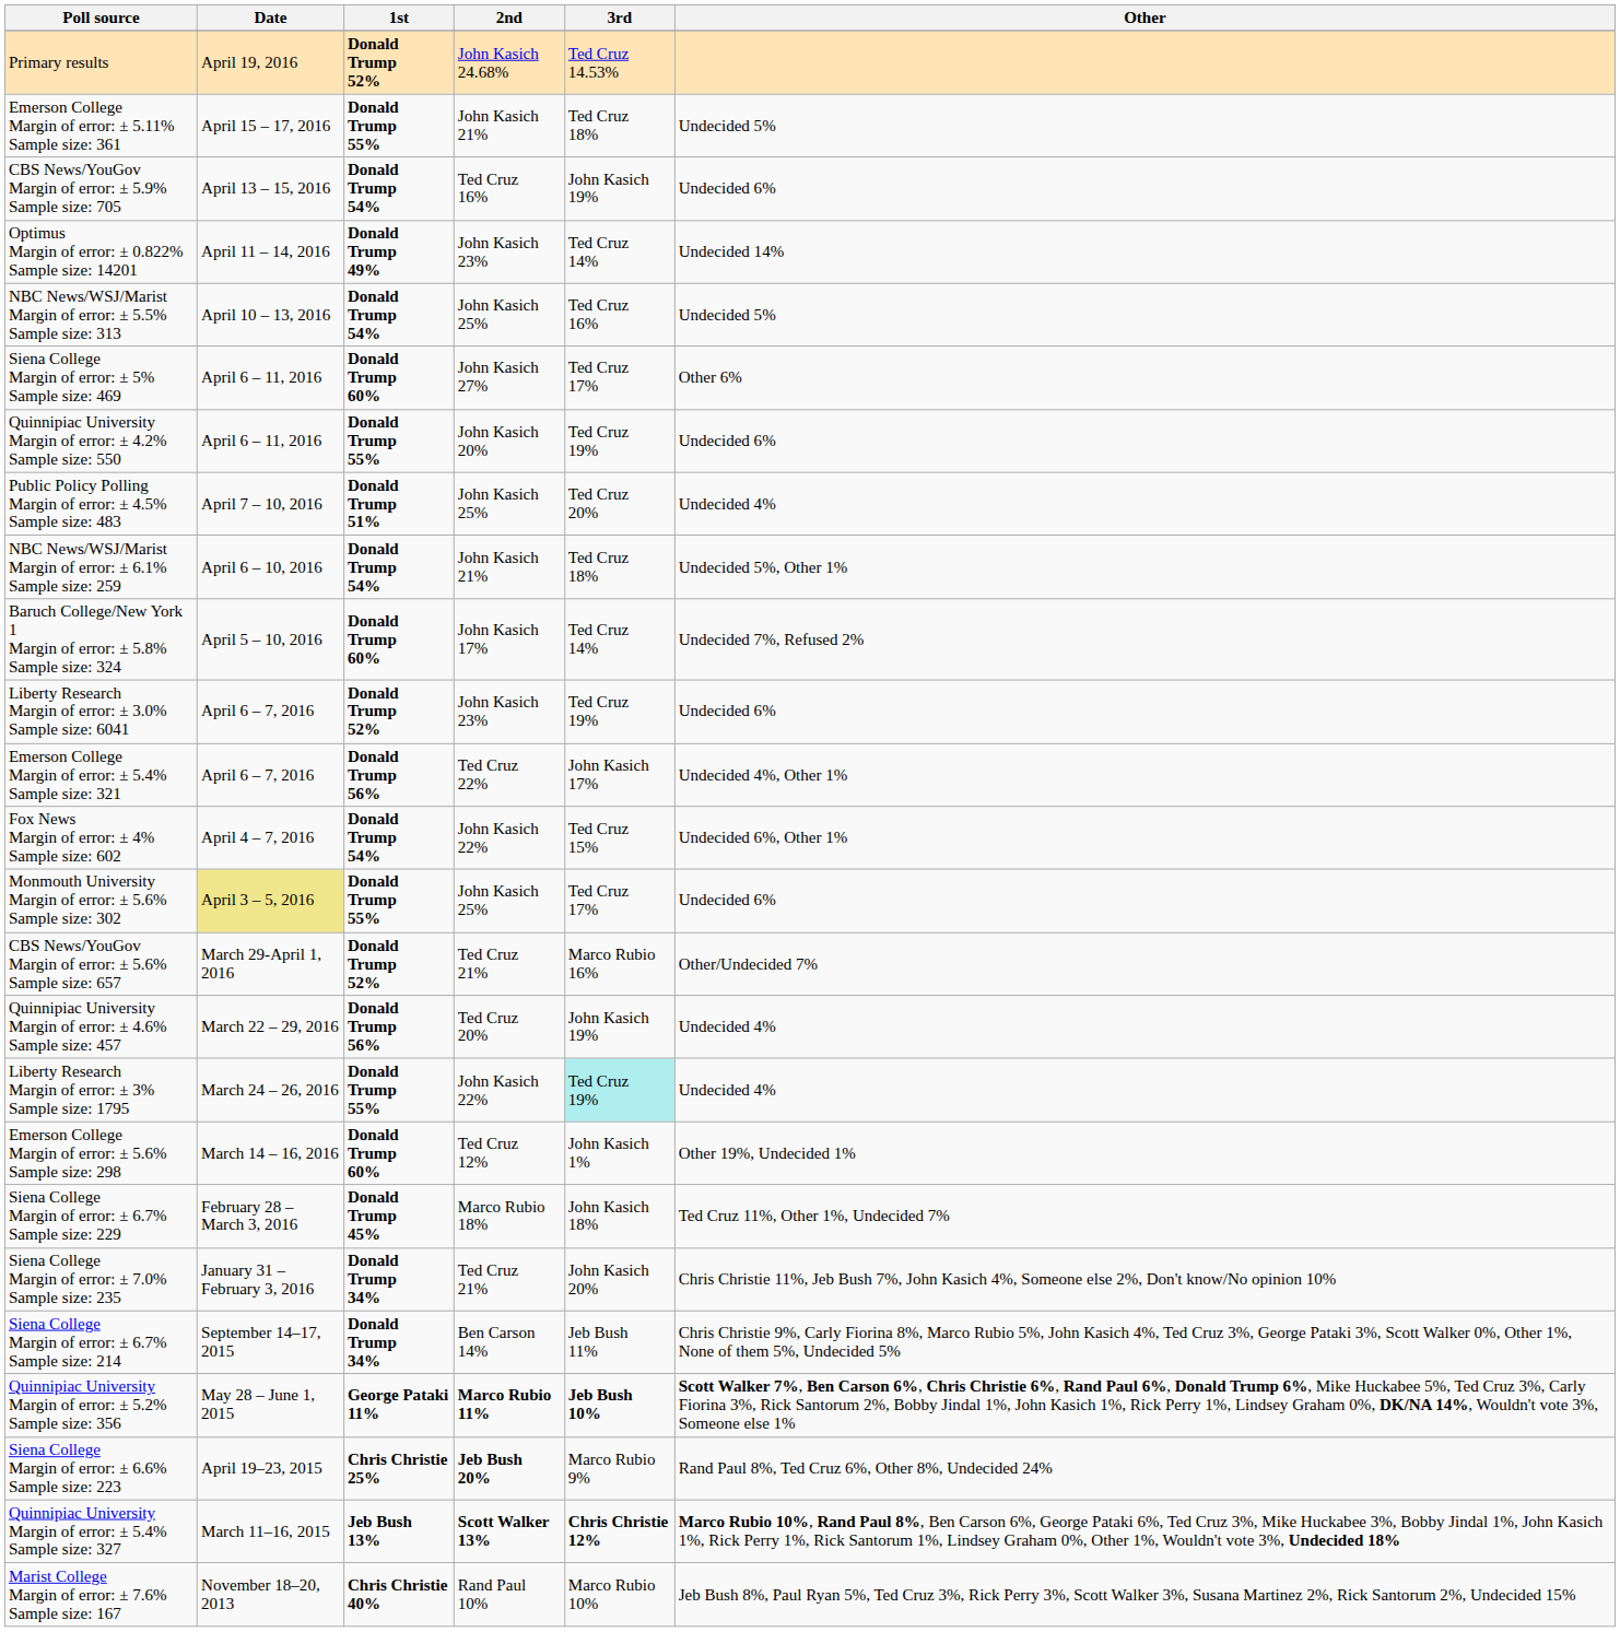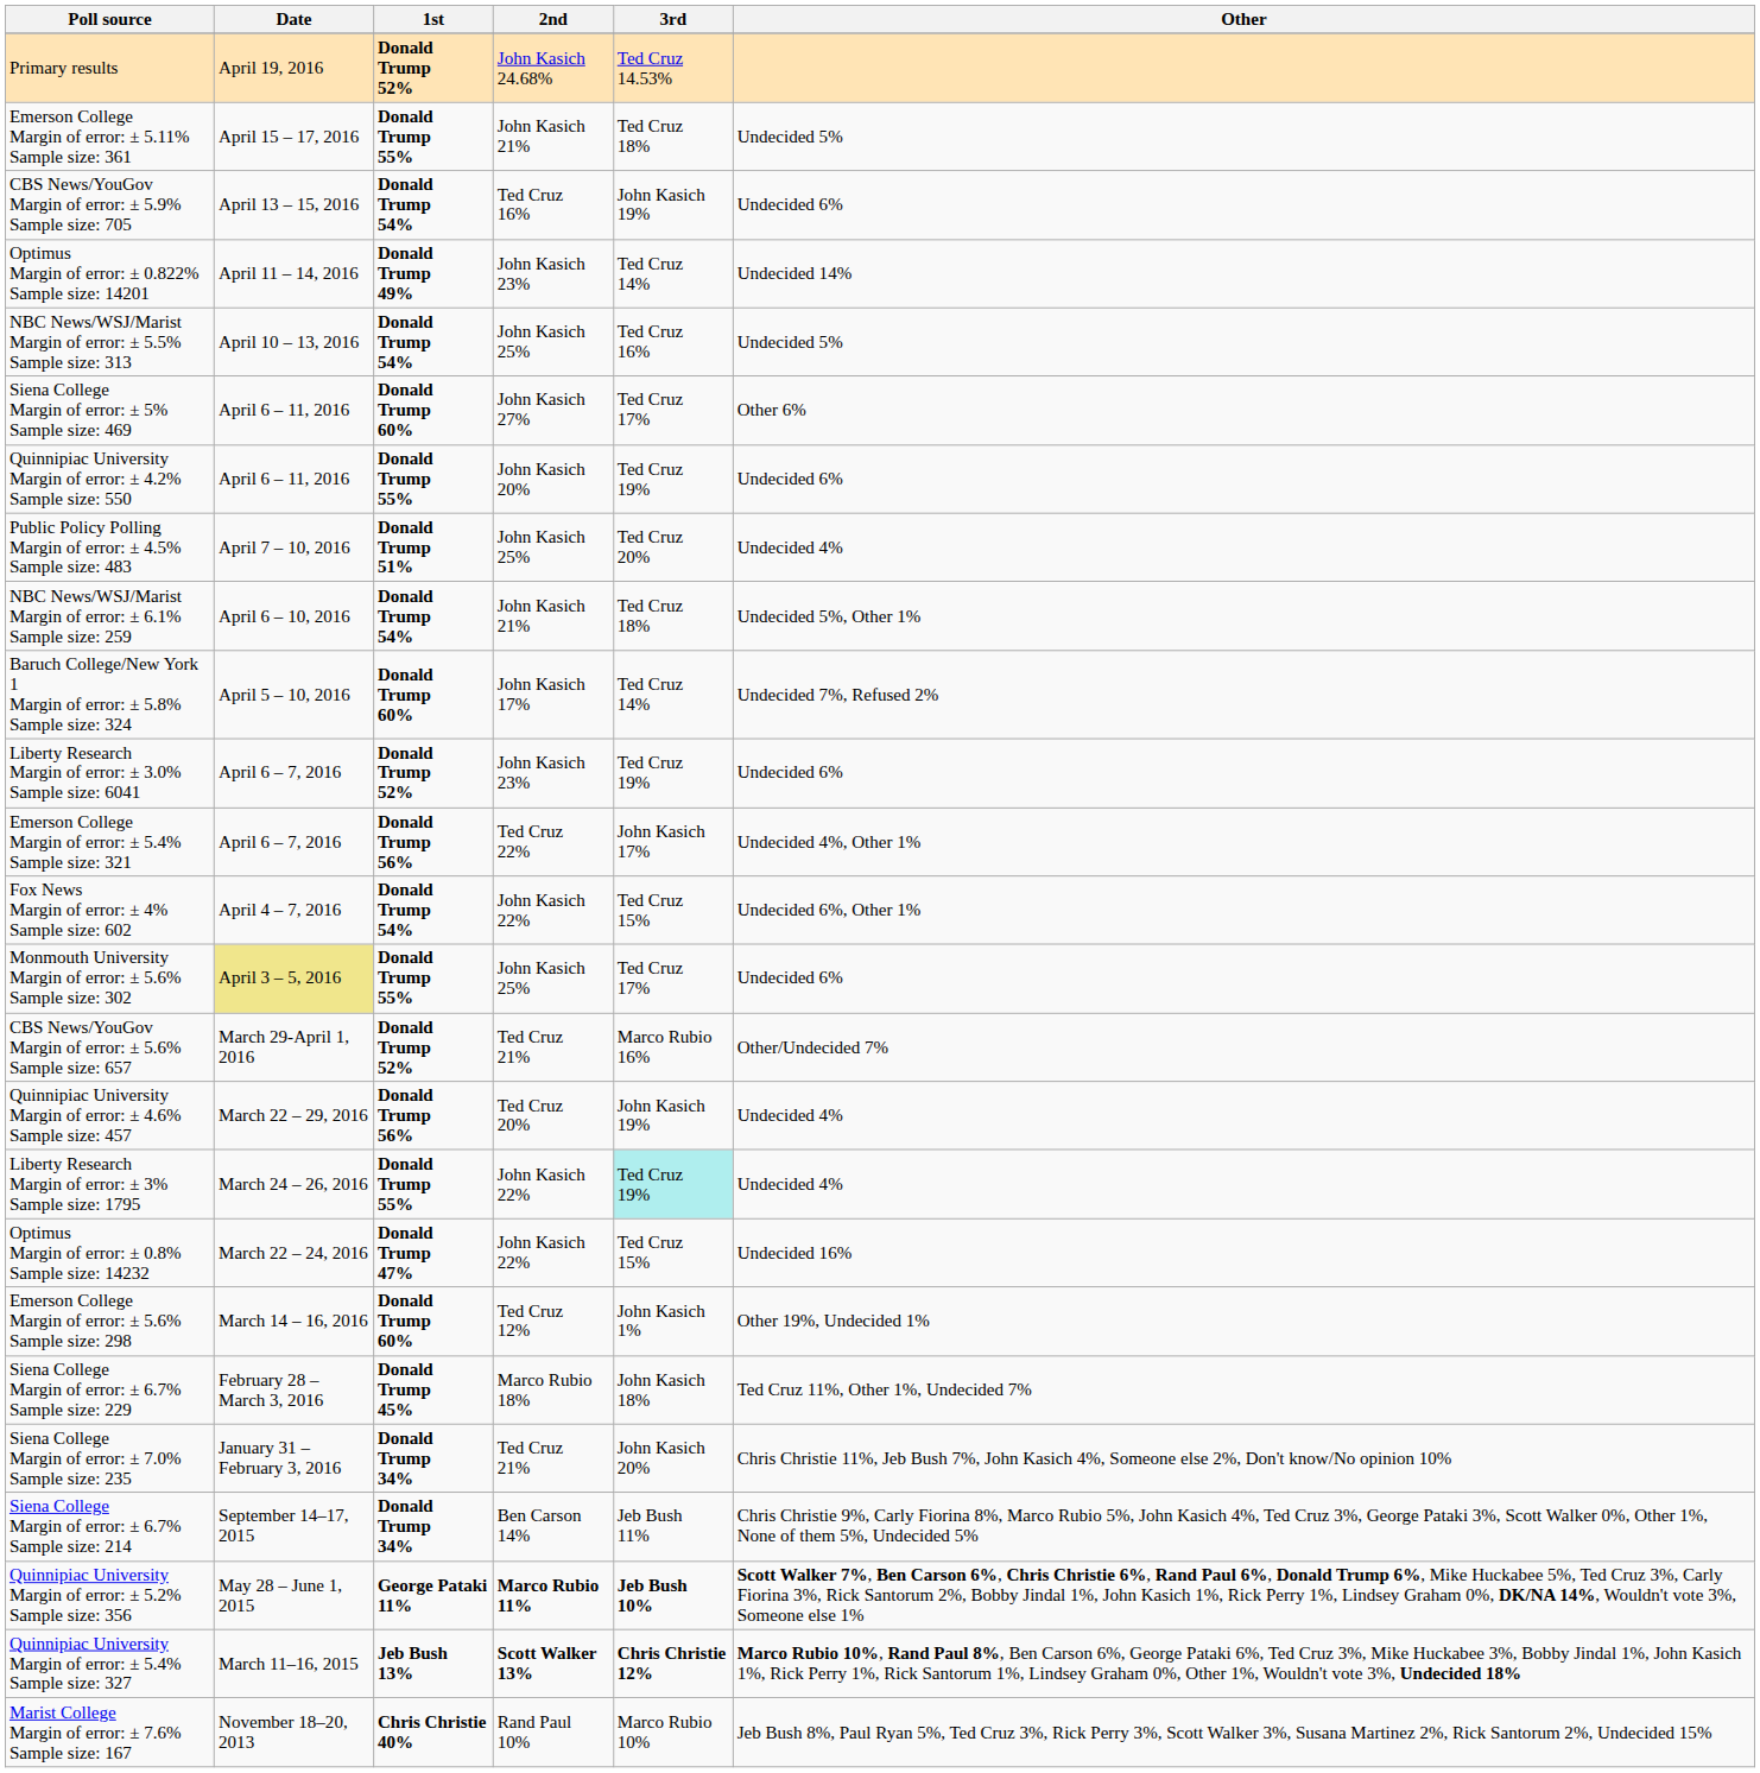 <table class="wikitable">
 <tr>
 <th style="width:180px;">Poll source</th>
 <th style="width:135px;">Date</th>
 <th style="width:100px;">1st</th>
 <th style="width:100px;">2nd</th>
 <th style="width:100px;">3rd</th>
 <th>Other</th>
 </tr>
 <tr>
 </tr>
 <tr style="background:Moccasin;">
 <td>Primary results</td>
 <td>April 19, 2016</td>
 <td><strong>Donald Trump<br>52%</strong></td>
 <td><a href='#'>John Kasich</a><br>24.68%</td>
 <td><a href='#'>Ted Cruz</a><br>14.53%</td>
 <td></td>
 </tr>
 <tr>
 <td>Emerson College<br>Margin of error: ± 5.11% <br>Sample size: 361</td>
 <td>April 15 – 17, 2016</td>
 <td><strong>Donald Trump<br>55%</strong></td>
 <td>John Kasich<br>21%</td>
 <td>Ted Cruz<br>18%</td>
 <td>Undecided 5%</td>
 </tr>
 <tr>
 <td>CBS News/YouGov<br>Margin of error: ± 5.9% <br>Sample size: 705</td>
 <td>April 13 – 15, 2016</td>
 <td><strong>Donald Trump<br>54%</strong></td>
 <td>Ted Cruz<br>16%</td>
 <td>John Kasich<br>19%</td>
 <td>Undecided 6%</td>
 </tr>
 <tr>
 <td>Optimus<br>Margin of error: ± 0.822% <br>Sample size: 14201</td>
 <td>April 11 – 14, 2016</td>
 <td><strong>Donald Trump<br>49%</strong></td>
 <td>John Kasich<br>23%</td>
 <td>Ted Cruz<br>14%</td>
 <td>Undecided 14%</td>
 </tr>
 <tr>
 <td>NBC News/WSJ/Marist<br>Margin of error: ± 5.5% <br>Sample size: 313</td>
 <td>April 10 – 13, 2016</td>
 <td><strong>Donald Trump<br>54%</strong></td>
 <td>John Kasich<br>25%</td>
 <td>Ted Cruz<br>16%</td>
 <td>Undecided 5%</td>
 </tr>
 <tr>
 <td>Siena College<br>Margin of error: ± 5% <br>Sample size: 469</td>
 <td>April 6 – 11, 2016</td>
 <td><strong>Donald Trump<br>60%</strong></td>
 <td>John Kasich<br>27%</td>
 <td>Ted Cruz<br>17%</td>
 <td>Other 6%</td>
 </tr>
 <tr>
 <td>Quinnipiac University<br>Margin of error: ± 4.2% <br>Sample size: 550</td>
 <td>April 6 – 11, 2016</td>
 <td><strong>Donald Trump<br>55%</strong></td>
 <td>John Kasich<br>20%</td>
 <td>Ted Cruz<br>19%</td>
 <td>Undecided 6%</td>
 </tr>
 <tr>
 <td>Public Policy Polling<br>Margin of error: ± 4.5% <br>Sample size: 483</td>
 <td>April 7 – 10, 2016</td>
 <td><strong>Donald Trump<br>51%</strong></td>
 <td>John Kasich<br>25%</td>
 <td>Ted Cruz<br>20%</td>
 <td>Undecided 4%</td>
 </tr>
 <tr>
 <td>NBC News/WSJ/Marist<br>Margin of error: ± 6.1% <br>Sample size: 259</td>
 <td>April 6 – 10, 2016</td>
 <td><strong>Donald Trump<br>54%</strong></td>
 <td>John Kasich<br>21%</td>
 <td>Ted Cruz<br>18%</td>
 <td>Undecided 5%, Other 1%</td>
 </tr>
 <tr>
 <td>Baruch College/New York 1<br>Margin of error: ± 5.8% <br>Sample size: 324</td>
 <td>April 5 – 10, 2016</td>
 <td><strong>Donald Trump<br>60%</strong></td>
 <td>John Kasich<br>17%</td>
 <td>Ted Cruz<br>14%</td>
 <td>Undecided 7%, Refused 2%</td>
 </tr>
 <tr>
 <td>Liberty Research<br>Margin of error: ± 3.0% <br>Sample size: 6041</td>
 <td>April 6 – 7, 2016</td>
 <td><strong>Donald Trump<br>52%</strong></td>
 <td>John Kasich<br>23%</td>
 <td>Ted Cruz<br>19%</td>
 <td>Undecided 6%</td>
 </tr>
 <tr>
 <td>Emerson College<br>Margin of error: ± 5.4% <br>Sample size: 321</td>
 <td>April 6 – 7, 2016</td>
 <td><strong>Donald Trump<br>56%</strong></td>
 <td>Ted Cruz<br>22%</td>
 <td>John Kasich<br>17%</td>
 <td>Undecided 4%, Other 1%</td>
 </tr>
 <tr>
 <td>Fox News<br>Margin of error: ± 4% <br>Sample size: 602</td>
 <td>April 4 – 7, 2016</td>
 <td><strong>Donald Trump<br>54%</strong></td>
 <td>John Kasich<br>22%</td>
 <td>Ted Cruz<br>15%</td>
 <td>Undecided 6%, Other 1%</td>
 </tr>
 <tr>
 <td>Monmouth University<br>Margin of error: ± 5.6% <br>Sample size: 302</td>
 <td style="background: khaki;">April 3 – 5, 2016</td>
 <td><strong>Donald Trump<br>55%</strong></td>
 <td>John Kasich<br>25%</td>
 <td>Ted Cruz<br>17%</td>
 <td>Undecided 6%</td>
 </tr>
 <tr>
 <td>CBS News/YouGov<br>Margin of error: ± 5.6% <br>Sample size: 657</td>
 <td>March 29-April 1, 2016</td>
 <td><strong>Donald Trump<br>52%</strong></td>
 <td>Ted Cruz<br>21%</td>
 <td>Marco Rubio<br>16%</td>
 <td>Other/Undecided 7%</td>
 </tr>
 <tr>
 <td>Quinnipiac University<br>Margin of error: ± 4.6% <br>Sample size: 457</td>
 <td>March 22 – 29, 2016</td>
 <td><strong>Donald Trump<br>56%</strong></td>
 <td>Ted Cruz<br>20%</td>
 <td>John Kasich<br>19%</td>
 <td>Undecided 4%</td>
 </tr>
 <tr>
 <td>Liberty Research<br>Margin of error: ± 3% <br>Sample size: 1795</td>
 <td>March 24 – 26, 2016</td>
 <td><strong>Donald Trump<br>55%</strong></td>
 <td>John Kasich<br>22%</td>
 <td style="background: paleturquoise;">Ted Cruz<br>19%</td>
 <td>Undecided 4%</td>
 </tr>
 <tr>
+<td>Optimus<br>Margin of error: ± 0.8% <br>Sample size: 14232</td>
+<td>March 22 – 24, 2016</td>
+<td><strong>Donald Trump<br>47%</strong></td>
+<td>John Kasich<br>22%</td>
+<td>Ted Cruz<br>15%</td>
+<td>Undecided 16%</td>
+</tr>
+<tr>
 <td>Emerson College<br>Margin of error: ± 5.6% <br>Sample size: 298</td>
 <td>March 14 – 16, 2016</td>
 <td><strong>Donald Trump<br>60%</strong></td>
 <td>Ted Cruz<br>12%</td>
 <td>John Kasich<br>1%</td>
 <td>Other 19%, Undecided 1%</td>
 </tr>
 <tr>
 <td>Siena College<br>Margin of error: ± 6.7% <br>Sample size: 229</td>
 <td>February 28 – March 3, 2016</td>
 <td><strong>Donald Trump<br>45%</strong></td>
 <td>Marco Rubio<br>18%</td>
 <td>John Kasich<br>18%</td>
 <td>Ted Cruz 11%, Other 1%, Undecided 7%</td>
 </tr>
 <tr>
 <td>Siena College<br>Margin of error: ± 7.0% <br>Sample size: 235</td>
 <td>January 31 – February 3, 2016</td>
 <td><strong>Donald Trump<br>34%</strong></td>
 <td>Ted Cruz<br>21%</td>
 <td>John Kasich<br>20%</td>
 <td>Chris Christie 11%, Jeb Bush 7%, John Kasich 4%, Someone else 2%, Don't know/No opinion 10%</td>
 </tr>
 <tr>
 <td><a href='#'>Siena College</a><br>Margin of error: ± 6.7% <br>Sample size: 214</td>
 <td>September 14–17, 2015</td>
 <td><strong>Donald Trump<br>34%</strong></td>
 <td>Ben Carson<br>14%</td>
 <td>Jeb Bush<br>11%</td>
 <td>Chris Christie 9%, Carly Fiorina 8%, Marco Rubio 5%, John Kasich 4%, Ted Cruz 3%, George Pataki 3%, Scott Walker 0%, Other 1%, None of them 5%, Undecided 5%</td>
 </tr>
 <tr>
 <td><a href='#'>Quinnipiac University</a><br>Margin of error: ± 5.2% <br>Sample size: 356</td>
 <td>May 28 – June 1, 2015</td>
 <td><strong>George Pataki<br>11%</strong></td>
 <td><strong>Marco Rubio<br>11%</strong></td>
 <td><strong>Jeb Bush<br>10%</strong></td>
 <td><span><strong>Scott Walker 7%</strong></span>, <span><strong>Ben Carson 6%</strong></span>, <span><strong>Chris Christie 6%</strong></span>, <span><strong>Rand Paul 6%</strong></span>, <span><strong>Donald Trump 6%</strong></span>, Mike Huckabee 5%, Ted Cruz 3%, Carly Fiorina 3%, Rick Santorum 2%, Bobby Jindal 1%, John Kasich 1%, Rick Perry 1%, Lindsey Graham 0%, <span><strong>DK/NA 14%</strong></span>, Wouldn't vote 3%, Someone else 1%</td>
 </tr>
 <tr>
-<td><a href='#'>Siena College</a><br>Margin of error: ± 6.6% <br>Sample size: 223</td>
-<td>April 19–23, 2015</td>
-<td><strong>Chris Christie<br>25%</strong></td>
-<td><strong>Jeb Bush<br>20%</strong></td>
-<td>Marco Rubio<br>9%</td>
-<td>Rand Paul 8%, Ted Cruz 6%, Other 8%, Undecided 24%</td>
-</tr>
-<tr>
 <td><a href='#'>Quinnipiac University</a><br>Margin of error: ± 5.4% <br>Sample size: 327</td>
 <td>March 11–16, 2015</td>
 <td><strong>Jeb Bush<br>13%</strong></td>
 <td><strong>Scott Walker<br>13%</strong></td>
 <td><strong>Chris Christie<br>12%</strong></td>
 <td><span><strong>Marco Rubio 10%</strong></span>, <span><strong>Rand Paul 8%</strong></span>, Ben Carson 6%, George Pataki 6%, Ted Cruz 3%, Mike Huckabee 3%, Bobby Jindal 1%, John Kasich 1%, Rick Perry 1%, Rick Santorum 1%, Lindsey Graham 0%, Other 1%, Wouldn't vote 3%, <span><strong>Undecided 18%</strong></span></td>
 </tr>
 <tr>
 <td><a href='#'>Marist College</a><br>Margin of error: ± 7.6% <br>Sample size: 167</td>
 <td>November 18–20, 2013</td>
 <td><strong>Chris Christie<br>40%</strong></td>
 <td>Rand Paul<br>10%</td>
 <td>Marco Rubio<br>10%</td>
 <td>Jeb Bush 8%, Paul Ryan 5%, Ted Cruz 3%, Rick Perry 3%, Scott Walker 3%, Susana Martinez 2%, Rick Santorum 2%, Undecided 15%</td>
 </tr>
 </table>
